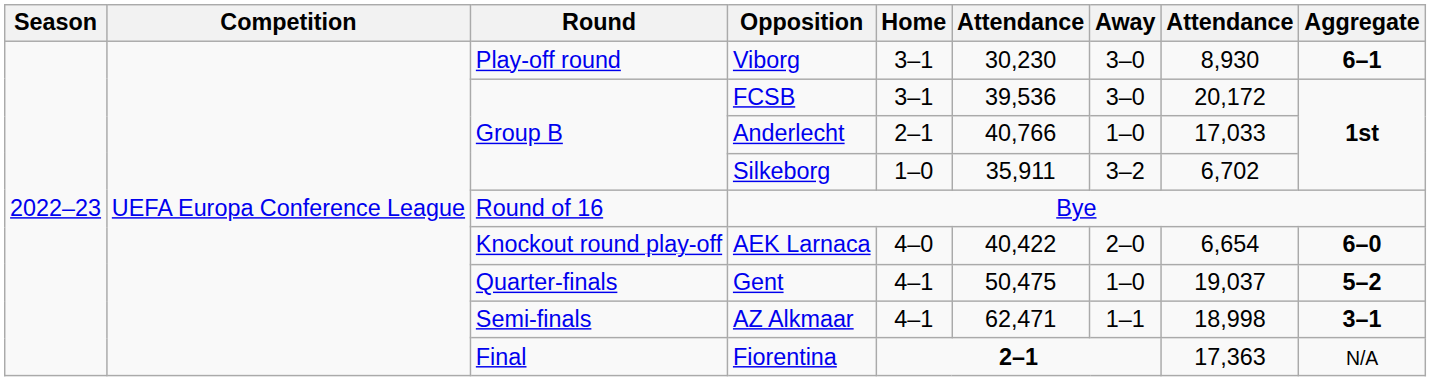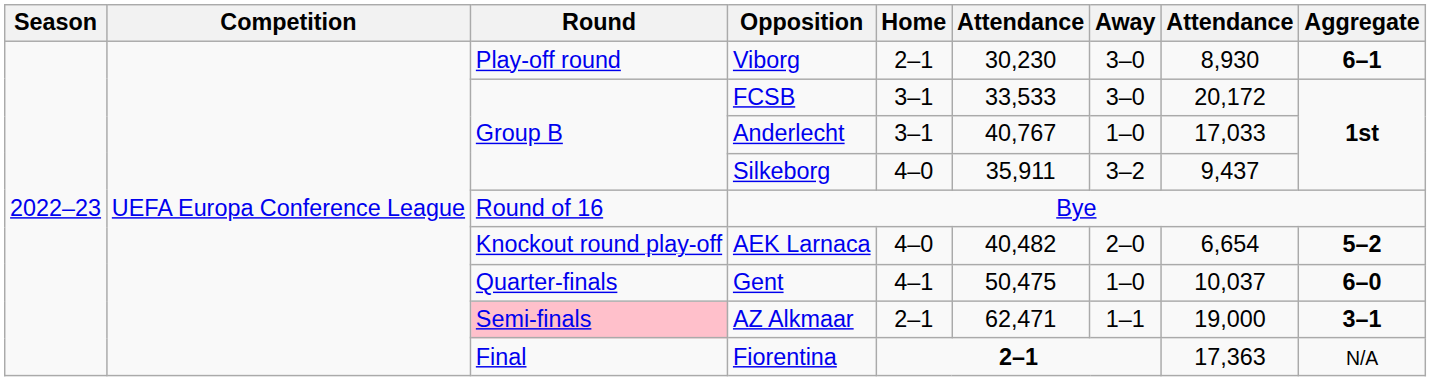 <table class="wikitable">
 <tr>
 <th>Season</th>
 <th>Competition</th>
 <th>Round</th>
 <th>Opposition</th>
 <th>Home</th>
 <th>Attendance</th>
 <th>Away</th>
 <th>Attendance</th>
 <th>Aggregate</th>
 </tr>
 <tr>
 <td rowspan=9><a href='#'>2022–23</a></td>
 <td rowspan=9><a href='#'>UEFA Europa Conference League</a></td>
 <td rowspan=1><a href='#'>Play-off round</a></td>
 <td> <a href='#'>Viborg</a></td>
-<td style="text-align:center;">3–1</td>
+<td style="text-align:center;">2–1</td>
 <td style="text-align:center;">30,230</td>
 <td style="text-align:center;">3–0</td>
 <td style="text-align:center;">8,930</td>
 <td style="text-align:center;"><strong>6–1</strong></td>
 </tr>
 <tr>
 <td rowspan=3><a href='#'>Group B</a></td>
 <td> <a href='#'>FCSB</a></td>
 <td style="text-align:center;">3–1</td>
-<td style="text-align:center;">39,536</td>
+<td style="text-align:center;">33,533</td>
 <td style="text-align:center;">3–0</td>
 <td style="text-align:center;">20,172</td>
 <td rowspan=3 style="text-align:center;"><strong>1st</strong></td>
 </tr>
 <tr>
 <td> <a href='#'>Anderlecht</a></td>
-<td style="text-align:center;">2–1</td>
-<td style="text-align:center;">40,766</td>
+<td style="text-align:center;">3–1</td>
+<td style="text-align:center;">40,767</td>
 <td style="text-align:center;">1–0</td>
 <td style="text-align:center;">17,033</td>
 </tr>
 <tr>
 <td> <a href='#'>Silkeborg</a></td>
-<td style="text-align:center;">1–0</td>
+<td style="text-align:center;">4–0</td>
 <td style="text-align:center;">35,911</td>
 <td style="text-align:center;">3–2</td>
-<td style="text-align:center;">6,702</td>
+<td style="text-align:center;">9,437</td>
 </tr>
 <tr>
 <td><a href='#'>Round of 16</a></td>
 <td colspan=6 style="text-align:center;"><a href='#'>Bye</a></td>
 </tr>
 <tr>
 <td><a href='#'>Knockout round play-off</a></td>
 <td> <a href='#'>AEK Larnaca</a></td>
 <td style="text-align:center;">4–0</td>
-<td style="text-align:center;">40,422</td>
+<td style="text-align:center;">40,482</td>
 <td style="text-align:center;">2–0</td>
 <td style="text-align:center;">6,654</td>
-<td style="text-align:center;"><strong>6–0</strong></td>
+<td style="text-align:center;"><strong>5–2</strong></td>
 </tr>
 <tr>
 <td><a href='#'>Quarter-finals</a></td>
 <td> <a href='#'>Gent</a></td>
 <td style="text-align:center;">4–1</td>
 <td style="text-align:center;">50,475</td>
 <td style="text-align:center;">1–0</td>
-<td style="text-align:center;">19,037</td>
-<td style="text-align:center;"><strong>5–2</strong></td>
+<td style="text-align:center;">10,037</td>
+<td style="text-align:center;"><strong>6–0</strong></td>
 </tr>
 <tr>
-<td><a href='#'>Semi-finals</a></td>
+<td style="background: pink;"><a href='#'>Semi-finals</a></td>
 <td> <a href='#'>AZ Alkmaar</a></td>
-<td style="text-align:center;">4–1</td>
+<td style="text-align:center;">2–1</td>
 <td style="text-align:center;">62,471</td>
 <td style="text-align:center;">1–1</td>
-<td style="text-align:center;">18,998</td>
+<td style="text-align:center;">19,000</td>
 <td style="text-align:center;"><strong>3–1</strong></td>
 </tr>
 <tr>
 <td><a href='#'>Final</a></td>
 <td> <a href='#'>Fiorentina</a></td>
 <td colspan=3 style="text-align:center;"><strong>2–1</strong></td>
 <td style="text-align:center;">17,363</td>
 <td style="text-align:center"><span><small>N/A</small></span></td>
 </tr>
 </table>
